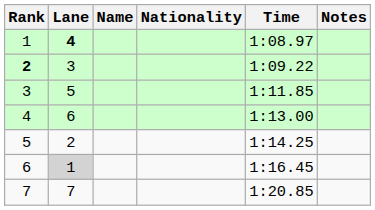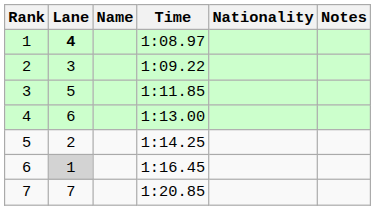 <table class="wikitable sortable" style="text-align:center">
 <tr>
 <th>Rank</th>
 <th>Lane</th>
 <th>Name</th>
+<th>Time</th>
 <th>Nationality</th>
-<th>Time</th>
 <th>Notes</th>
 </tr>
 <tr bgcolor=ccffcc>
 <td>1</td>
 <td><strong>4</strong></td>
 <td align=left></td>
+<td>1:08.97</td>
 <td align=left></td>
-<td>1:08.97</td>
 <td><strong></strong></td>
 </tr>
 <tr bgcolor=ccffcc>
-<td><strong>2</strong></td>
+<td>2</td>
 <td>3</td>
 <td align=left></td>
+<td>1:09.22</td>
 <td align=left></td>
-<td>1:09.22</td>
 <td><strong></strong></td>
 </tr>
 <tr bgcolor=ccffcc>
 <td>3</td>
 <td>5</td>
 <td align=left></td>
+<td>1:11.85</td>
 <td align=left></td>
-<td>1:11.85</td>
 <td><strong></strong></td>
 </tr>
 <tr bgcolor=ccffcc>
 <td>4</td>
 <td>6</td>
 <td align=left></td>
+<td>1:13.00</td>
 <td align=left></td>
-<td>1:13.00</td>
 <td><strong></strong></td>
 </tr>
 <tr>
 <td>5</td>
 <td>2</td>
 <td align=left></td>
+<td>1:14.25</td>
 <td align=left></td>
-<td>1:14.25</td>
 <td></td>
 </tr>
 <tr>
 <td>6</td>
 <td style="background: lightgrey;">1</td>
 <td align=left></td>
+<td>1:16.45</td>
 <td align=left></td>
-<td>1:16.45</td>
 <td></td>
 </tr>
 <tr>
 <td>7</td>
 <td>7</td>
 <td align=left></td>
+<td>1:20.85</td>
 <td align=left></td>
-<td>1:20.85</td>
 <td></td>
 </tr>
 </table>
